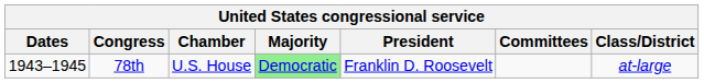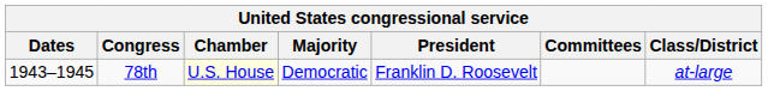 <table class=wikitable style="text-align: center;">
 <tr>
 <th colspan=7>United States congressional service</th>
 </tr>
 <tr>
 <th>Dates</th>
 <th>Congress</th>
 <th>Chamber</th>
 <th>Majority</th>
 <th>President</th>
 <th>Committees</th>
 <th>Class/District</th>
 </tr>
 <tr>
 <td>1943–1945</td>
 <td><a href='#'>78th</a></td>
-<td><a href='#'>U.S. House</a></td>
-<td style="background: lightgreen;"><a href='#'>Democratic</a></td>
+<td style="background: lightyellow;"><a href='#'>U.S. House</a></td>
+<td><a href='#'>Democratic</a></td>
 <td><a href='#'>Franklin D. Roosevelt</a></td>
 <td></td>
 <td><a href='#'><em>at-large</em></a></td>
 </tr>
 </table>
